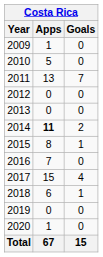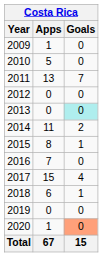 <table class="wikitable" style="text-align:center">
 <tr>
 <th colspan=3><a href='#'>Costa Rica</a></th>
 </tr>
 <tr>
 <th>Year</th>
 <th>Apps</th>
 <th>Goals</th>
 </tr>
 <tr>
 <td>2009</td>
 <td>1</td>
 <td>0</td>
 </tr>
 <tr>
 <td>2010</td>
 <td>5</td>
 <td>0</td>
 </tr>
 <tr>
 <td>2011</td>
 <td>13</td>
 <td>7</td>
 </tr>
 <tr>
 <td>2012</td>
 <td>0</td>
 <td>0</td>
 </tr>
 <tr>
 <td>2013</td>
 <td>0</td>
-<td>0</td>
+<td style="background: paleturquoise;">0</td>
 </tr>
 <tr>
 <td>2014</td>
-<td><strong>11</strong></td>
+<td>11</td>
 <td>2</td>
 </tr>
 <tr>
 <td>2015</td>
 <td>8</td>
 <td>1</td>
 </tr>
 <tr>
 <td>2016</td>
 <td>7</td>
 <td>0</td>
 </tr>
 <tr>
 <td>2017</td>
 <td>15</td>
 <td>4</td>
 </tr>
 <tr>
 <td>2018</td>
 <td>6</td>
 <td>1</td>
 </tr>
 <tr>
 <td>2019</td>
 <td>0</td>
 <td>0</td>
 </tr>
 <tr>
 <td>2020</td>
 <td>1</td>
-<td>0</td>
+<td style="background: lightsalmon;">0</td>
 </tr>
 <tr>
 <th>Total</th>
 <th>67</th>
 <th>15</th>
 </tr>
 </table>
